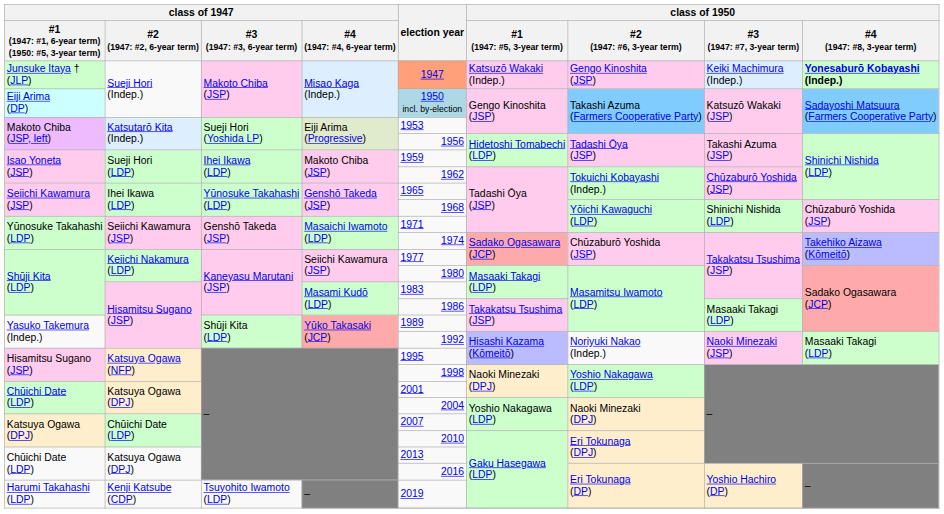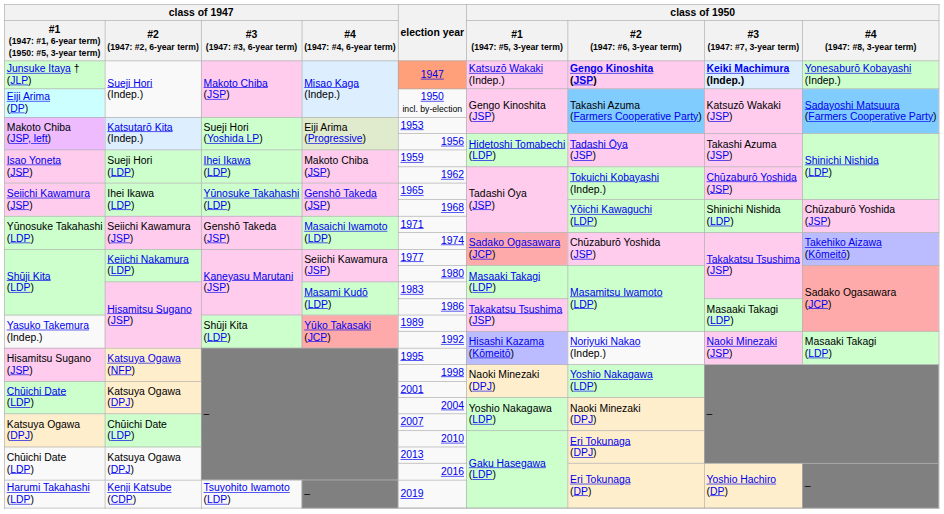 <table class="wikitable" border="1">
 <tr>
 <th colspan="4">class of 1947</th>
 <th rowspan="2">election year</th>
 <th colspan="4">class of 1950</th>
 </tr>
 <tr>
 <th>#1<br><small>(1947: #1, 6-year term)</small><br><small>(1950: #5, 3-year term)</small></th>
 <th>#2<br><small>(1947: #2, 6-year term)</small></th>
 <th>#3<br><small>(1947: #3, 6-year term)</small></th>
 <th>#4<br><small>(1947: #4, 6-year term)</small></th>
 <th>#1<br><small>(1947: #5, 3-year term)</small></th>
 <th>#2<br><small>(1947: #6, 3-year term)</small></th>
 <th>#3<br><small>(1947: #7, 3-year term)</small></th>
 <th>#4<br><small>(1947: #8, 3-year term)</small></th>
 </tr>
 <tr>
 <td bgcolor="#CCFFCC"><a href='#'>Junsuke Itaya</a> †<br>(<a href='#'>JLP</a>)</td>
 <td rowspan="2"><a href='#'>Sueji Hori</a><br>(Indep.)</td>
 <td rowspan="2" bgcolor="#FFCCEE"><a href='#'>Makoto Chiba</a><br>(<a href='#'>JSP</a>)</td>
 <td rowspan="2" bgcolor="#DDEEFF"><a href='#'>Misao Kaga</a><br>(Indep.)</td>
 <td align="center" style="background: lightsalmon;"><a href='#'>1947</a></td>
 <td bgcolor="#FFCCEE"><a href='#'>Katsuzō Wakaki</a><br>(Indep.)</td>
-<td bgcolor="#FFCCEE"><a href='#'>Gengo Kinoshita</a><br>(<a href='#'>JSP</a>)</td>
-<td bgcolor="#DDEEFF"><a href='#'>Keiki Machimura</a><br>(Indep.)</td>
-<td bgcolor="#CCFFCC"><strong><a href='#'>Yonesaburō Kobayashi</a><br>(Indep.) </strong></td>
+<td bgcolor="#FFCCEE"><strong><a href='#'>Gengo Kinoshita</a><br>(<a href='#'>JSP</a>)</strong></td>
+<td bgcolor="#DDEEFF"><strong><a href='#'>Keiki Machimura</a><br>(Indep.)</strong></td>
+<td bgcolor="#CCFFCC"><a href='#'>Yonesaburō Kobayashi</a><br>(Indep.) </td>
 </tr>
 <tr>
 <td bgcolor="#CCFFFF"><a href='#'>Eiji Arima</a><br>(<a href='#'>DP</a>)</td>
-<td align="center" style="background: lightblue;"><a href='#'>1950</a><br><small>incl. by-election</small></td>
+<td align="center"><a href='#'>1950</a><br><small>incl. by-election</small></td>
 <td rowspan="2" bgcolor="#FFCCEE">Gengo Kinoshita<br>(<a href='#'>JSP</a>)</td>
 <td rowspan="2" bgcolor="#80CCFF">Takashi Azuma<br>(<a href='#'>Farmers Cooperative Party</a>)</td>
 <td rowspan="2" bgcolor="#FFCCEE">Katsuzō Wakaki<br>(<a href='#'>JSP</a>)</td>
 <td rowspan="2" bgcolor="#80CCFF"><a href='#'>Sadayoshi Matsuura</a><br>(<a href='#'>Farmers Cooperative Party</a>)</td>
 </tr>
 <tr>
 <td rowspan="2" bgcolor="#EEBBFF">Makoto Chiba<br>(<a href='#'>JSP, left</a>)</td>
 <td rowspan="2" bgcolor="#DDEEFF"><a href='#'>Katsutarō Kita</a><br>(Indep.)</td>
 <td rowspan="2" bgcolor="#CCFFCC">Sueji Hori<br>(<a href='#'>Yoshida LP</a>)</td>
 <td rowspan="2" bgcolor="#E0EACC">Eiji Arima<br>(<a href='#'>Progressive</a>)</td>
 <td align="left"><a href='#'>1953</a></td>
 </tr>
 <tr>
 <td align="right"><a href='#'>1956</a></td>
 <td rowspan="2" bgcolor="#CCFFCC"><a href='#'>Hidetoshi Tomabechi</a><br>(<a href='#'>LDP</a>)</td>
 <td rowspan="2" bgcolor="#FFCCEE"><a href='#'>Tadashi Ōya</a><br>(<a href='#'>JSP</a>)</td>
 <td rowspan="2" bgcolor="#FFCCEE">Takashi Azuma<br>(<a href='#'>JSP</a>)</td>
 <td rowspan="4" bgcolor="#CCFFCC"><a href='#'>Shinichi Nishida</a><br>(<a href='#'>LDP</a>)</td>
 </tr>
 <tr>
 <td rowspan="2" bgcolor="#FFCCEE"><a href='#'>Isao Yoneta</a><br>(<a href='#'>JSP</a>)</td>
 <td rowspan="2" bgcolor="#CCFFCC">Sueji Hori<br>(<a href='#'>LDP</a>)</td>
 <td rowspan="2" bgcolor="#CCFFCC"><a href='#'>Ihei Ikawa</a><br>(<a href='#'>LDP</a>)</td>
 <td rowspan="2" bgcolor="#FFCCEE">Makoto Chiba<br>(<a href='#'>JSP</a>)</td>
 <td align="left"><a href='#'>1959</a></td>
 </tr>
 <tr>
 <td align="right"><a href='#'>1962</a></td>
 <td rowspan="4" bgcolor="#FFCCEE">Tadashi Ōya<br>(<a href='#'>JSP</a>)</td>
 <td rowspan="2" bgcolor="#CCFFCC"><a href='#'>Tokuichi Kobayashi</a><br>(Indep.)</td>
 <td rowspan="2" bgcolor="#FFCCEE"><a href='#'>Chūzaburō Yoshida</a><br>(<a href='#'>JSP</a>)</td>
 </tr>
 <tr>
 <td rowspan="2" bgcolor="#FFCCEE"><a href='#'>Seiichi Kawamura</a><br>(<a href='#'>JSP</a>)</td>
 <td rowspan="2" bgcolor="#CCFFCC">Ihei Ikawa<br>(<a href='#'>LDP</a>)</td>
 <td rowspan="2" bgcolor="#CCFFCC"><a href='#'>Yūnosuke Takahashi</a><br>(<a href='#'>LDP</a>)</td>
 <td rowspan="2" bgcolor="#FFCCEE"><a href='#'>Genshō Takeda</a><br>(<a href='#'>JSP</a>)</td>
 <td align="left"><a href='#'>1965</a></td>
 </tr>
 <tr>
 <td align="right"><a href='#'>1968</a></td>
 <td rowspan="2"  bgcolor="#CCFFCC"><a href='#'>Yōichi Kawaguchi</a><br>(<a href='#'>LDP</a>)</td>
 <td rowspan="2" bgcolor="#CCFFCC">Shinichi Nishida<br>(<a href='#'>LDP</a>)</td>
 <td rowspan="2" bgcolor="#FFCCEE">Chūzaburō Yoshida<br>(<a href='#'>JSP</a>)</td>
 </tr>
 <tr>
 <td rowspan="2" bgcolor="#CCFFCC">Yūnosuke Takahashi<br>(<a href='#'>LDP</a>)</td>
 <td rowspan="2" bgcolor="#FFCCEE">Seiichi Kawamura<br>(<a href='#'>JSP</a>)</td>
 <td rowspan="2" bgcolor="#FFCCEE">Genshō Takeda<br>(<a href='#'>JSP</a>)</td>
 <td rowspan="2" bgcolor="#CCFFCC"><a href='#'>Masaichi Iwamoto</a><br>(<a href='#'>LDP</a>)</td>
 <td align="left"><a href='#'>1971</a></td>
 </tr>
 <tr>
 <td align="right"><a href='#'>1974</a></td>
 <td rowspan="2" bgcolor="#FFAAAA"><a href='#'>Sadako Ogasawara</a><br>(<a href='#'>JCP</a>)</td>
 <td rowspan="2" bgcolor="#FFCCEE">Chūzaburō Yoshida<br>(<a href='#'>JSP</a>)</td>
 <td rowspan="4" bgcolor="#FFCCEE"><a href='#'>Takakatsu Tsushima</a><br>(<a href='#'>JSP</a>)</td>
 <td rowspan="2" bgcolor="#BBBBFF"><a href='#'>Takehiko Aizawa</a><br>(<a href='#'>Kōmeitō</a>)</td>
 </tr>
 <tr>
 <td rowspan="4" bgcolor="#CCFFCC"><a href='#'>Shūji Kita</a><br>(<a href='#'>LDP</a>)</td>
 <td rowspan="2" bgcolor="#CCFFCC"><a href='#'>Keiichi Nakamura</a><br>(<a href='#'>LDP</a>)</td>
 <td rowspan="4" bgcolor="#FFCCEE"><a href='#'>Kaneyasu Marutani</a><br>(<a href='#'>JSP</a>)</td>
 <td rowspan="2" bgcolor="#FFCCEE">Seiichi Kawamura<br>(<a href='#'>JSP</a>)</td>
 <td align="left"><a href='#'>1977</a></td>
 </tr>
 <tr>
 <td align="right"><a href='#'>1980</a></td>
 <td rowspan="2" bgcolor="#CCFFCC"><a href='#'>Masaaki Takagi</a><br>(<a href='#'>LDP</a>)</td>
 <td rowspan="4" bgcolor="#CCFFCC"><a href='#'>Masamitsu Iwamoto</a><br>(<a href='#'>LDP</a>)</td>
 <td rowspan="4" bgcolor="#FFAAAA">Sadako Ogasawara<br>(<a href='#'>JCP</a>)</td>
 </tr>
 <tr>
 <td rowspan="4" bgcolor="#FFCCEE"><a href='#'>Hisamitsu Sugano</a><br>(<a href='#'>JSP</a>)</td>
 <td rowspan="2" bgcolor="#CCFFCC"><a href='#'>Masami Kudō</a><br>(<a href='#'>LDP</a>)</td>
 <td align="left"><a href='#'>1983</a></td>
 </tr>
 <tr>
 <td align="right"><a href='#'>1986</a></td>
 <td rowspan="2" bgcolor="#FFCCEE"><a href='#'>Takakatsu Tsushima</a><br>(<a href='#'>JSP</a>)</td>
 <td rowspan="2" bgcolor="#CCFFCC">Masaaki Takagi<br>(<a href='#'>LDP</a>)</td>
 </tr>
 <tr>
 <td rowspan="2"><a href='#'>Yasuko Takemura</a><br>(Indep.)</td>
 <td rowspan="2" bgcolor="#CCFFCC">Shūji Kita<br>(<a href='#'>LDP</a>)</td>
 <td rowspan="2" bgcolor="#FFAAAA"><a href='#'>Yūko Takasaki</a><br>(<a href='#'>JCP</a>)</td>
 <td align="left"><a href='#'>1989</a></td>
 </tr>
 <tr>
 <td align="right"><a href='#'>1992</a></td>
 <td rowspan="2" bgcolor="#BBBBFF"><a href='#'>Hisashi Kazama</a><br>(<a href='#'>Kōmeitō</a>)</td>
 <td rowspan="2"><a href='#'>Noriyuki Nakao</a><br>(Indep.)</td>
 <td rowspan="2" bgcolor="#FFCCEE"><a href='#'>Naoki Minezaki</a><br>(<a href='#'>JSP</a>)</td>
 <td rowspan="2" bgcolor="#CCFFCC">Masaaki Takagi<br>(<a href='#'>LDP</a>)</td>
 </tr>
 <tr>
 <td rowspan="2" bgcolor="#FFCCEE">Hisamitsu Sugano<br>(<a href='#'>JSP</a>)</td>
 <td rowspan="2" bgcolor="#FFEECC"><a href='#'>Katsuya Ogawa</a><br>(<a href='#'>NFP</a>)</td>
 <td rowspan="8" colspan="2" bgcolor=grey>–</td>
 <td align="left"><a href='#'>1995</a></td>
 </tr>
 <tr>
 <td align="right"><a href='#'>1998</a></td>
 <td rowspan="2" bgcolor="#FFEECC">Naoki Minezaki<br>(<a href='#'>DPJ</a>)</td>
 <td rowspan="2" bgcolor="#CCFFCC"><a href='#'>Yoshio Nakagawa</a><br>(<a href='#'>LDP</a>)</td>
 <td rowspan="6" colspan="2" bgcolor=grey>–</td>
 </tr>
 <tr>
 <td rowspan="2" bgcolor="#CCFFCC"><a href='#'>Chūichi Date</a><br>(<a href='#'>LDP</a>)</td>
 <td rowspan="2" bgcolor="#FFEECC">Katsuya Ogawa<br>(<a href='#'>DPJ</a>)</td>
 <td align="left"><a href='#'>2001</a></td>
 </tr>
 <tr>
 <td align="right"><a href='#'>2004</a></td>
 <td rowspan="2" bgcolor="#CCFFCC">Yoshio Nakagawa<br>(<a href='#'>LDP</a>)</td>
 <td rowspan="2" bgcolor="#FFEECC">Naoki Minezaki<br>(<a href='#'>DPJ</a>)</td>
 </tr>
 <tr>
 <td rowspan="2" bgcolor="#FFEECC">Katsuya Ogawa<br>(<a href='#'>DPJ</a>)</td>
 <td rowspan="2" bgcolor="#CCFFCC">Chūichi Date<br>(<a href='#'>LDP</a>)</td>
 <td align="left"><a href='#'>2007</a></td>
 </tr>
 <tr>
 <td align="right"><a href='#'>2010</a></td>
 <td rowspan="4" bgcolor="#CCFFCC"><a href='#'>Gaku Hasegawa</a><br>(<a href='#'>LDP</a>)</td>
 <td rowspan="2" bgcolor="#FFEECC"><a href='#'>Eri Tokunaga</a><br>(<a href='#'>DPJ</a>)</td>
 </tr>
 <tr>
 <td rowspan="2" >Chūichi Date<br>(<a href='#'>LDP</a>)</td>
 <td rowspan="2" >Katsuya Ogawa<br>(<a href='#'>DPJ</a>)</td>
 <td align="left"><a href='#'>2013</a></td>
 </tr>
 <tr>
 <td align="right"><a href='#'>2016</a></td>
 <td rowspan="2" bgcolor="#FFEECC"><a href='#'>Eri Tokunaga</a><br>(<a href='#'>DP</a>)</td>
 <td rowspan="2" bgcolor="#FFEECC"><a href='#'>Yoshio Hachiro</a><br>(<a href='#'>DP</a>)</td>
 <td rowspan="3" bgcolor=grey>–</td>
 </tr>
 <tr>
 <td rowspan="2" ><a href='#'>Harumi Takahashi</a><br>(<a href='#'>LDP</a>)</td>
 <td rowspan="2" ><a href='#'>Kenji Katsube</a><br>(<a href='#'>CDP</a>)</td>
 <td rowspan="2" ><a href='#'>Tsuyohito Iwamoto</a><br>(<a href='#'>LDP</a>)</td>
 <td rowspan="2" bgcolor="grey">–</td>
 <td align="left"><a href='#'>2019</a></td>
 </tr>
 <tr>
 </tr>
 </table>
